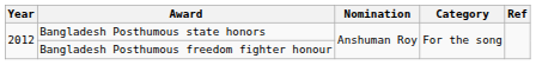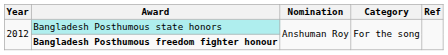 <table class="wikitable">
 <tr>
 <th>Year</th>
 <th>Award</th>
 <th>Nomination</th>
 <th>Category</th>
 <th>Ref</th>
 </tr>
 <tr>
 <td rowspan="2">2012</td>
-<td>Bangladesh Posthumous state honors</td>
+<td style="background: paleturquoise;">Bangladesh Posthumous state honors</td>
 <td rowspan="2">Anshuman Roy</td>
 <td rowspan="2">For the song</td>
 <td rowspan="2"></td>
 </tr>
 <tr>
-<td>Bangladesh Posthumous freedom fighter honour</td>
+<td><strong>Bangladesh Posthumous freedom fighter honour</strong></td>
 </tr>
 </table>
